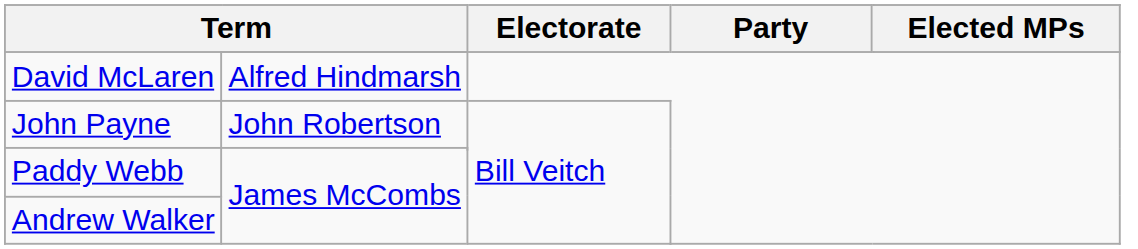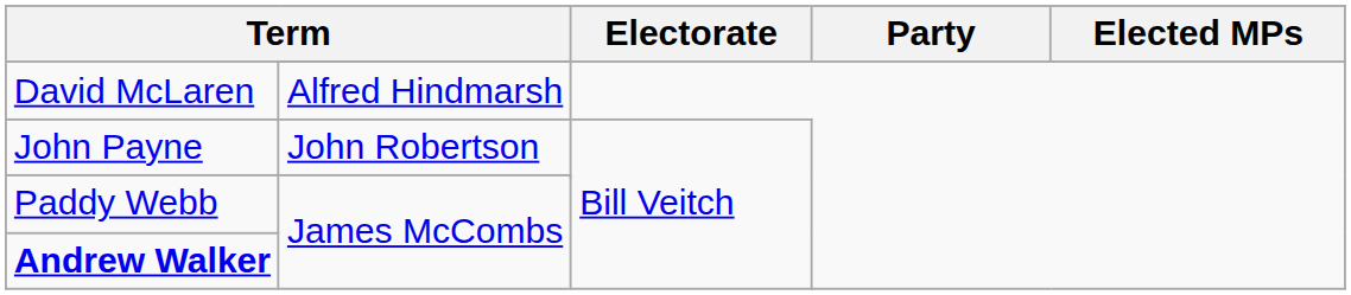 <table class=wikitable align=left>
 <tr>
 <th colspan=2 width=100>Term</th>
 <th colspan=2 width=100>Electorate</th>
 <th colspan=2 width=100>Party</th>
 <th width=125>Elected MPs</th>
 </tr>
 <tr>
 <td rowspan=2><a href='#'>David McLaren</a><br></td>
 </tr>
 <tr>
 <td rowspan=3><a href='#'>Alfred Hindmarsh</a></td>
 </tr>
 <tr>
 <td rowspan=3><a href='#'>John Payne</a></td>
 </tr>
 <tr>
 </tr>
 <tr>
 <td rowspan=2><a href='#'>John Robertson</a><br> </td>
 <td rowspan=4><a href='#'>Bill Veitch</a></td>
 </tr>
 <tr>
 <td rowspan=2><a href='#'>Paddy Webb</a></td>
 </tr>
 <tr>
 <td rowspan=2><a href='#'>James McCombs</a></td>
 </tr>
 <tr>
-<td><a href='#'>Andrew Walker</a></td>
+<td><strong><a href='#'>Andrew Walker</a></strong></td>
 </tr>
 </table>
